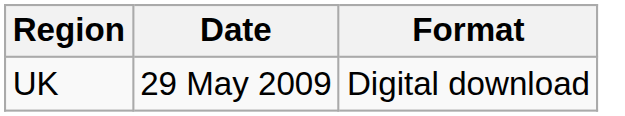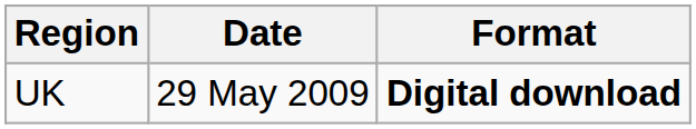 <table class="wikitable">
 <tr>
 <th>Region</th>
 <th>Date</th>
 <th>Format</th>
 </tr>
 <tr>
 <td rowspan="2">UK</td>
 <td>29 May 2009</td>
-<td>Digital download</td>
+<td><strong>Digital download</strong></td>
 </tr>
 </table>
